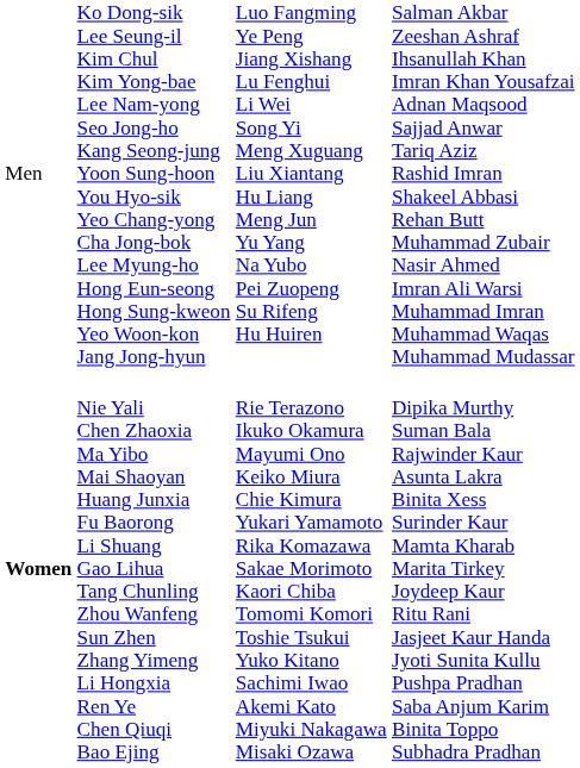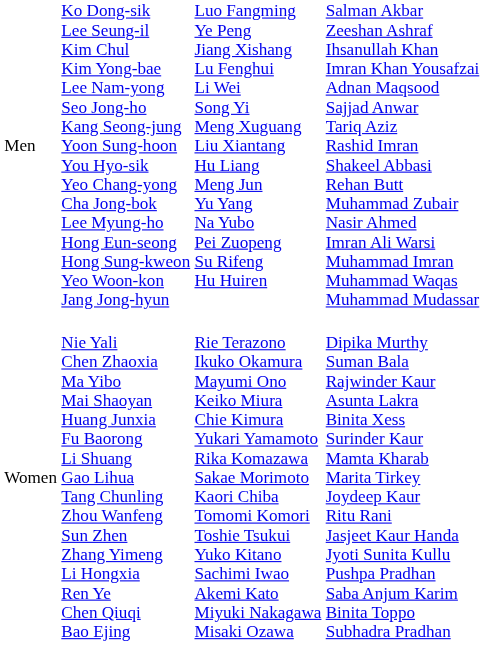 <table>
 <tr>
 <td>Men<br></td>
 <td><br><a href='#'>Ko Dong-sik</a><br><a href='#'>Lee Seung-il</a><br><a href='#'>Kim Chul</a><br><a href='#'>Kim Yong-bae</a><br><a href='#'>Lee Nam-yong</a><br><a href='#'>Seo Jong-ho</a><br><a href='#'>Kang Seong-jung</a><br><a href='#'>Yoon Sung-hoon</a><br><a href='#'>You Hyo-sik</a><br><a href='#'>Yeo Chang-yong</a><br><a href='#'>Cha Jong-bok</a><br><a href='#'>Lee Myung-ho</a><br><a href='#'>Hong Eun-seong</a><br><a href='#'>Hong Sung-kweon</a><br><a href='#'>Yeo Woon-kon</a><br><a href='#'>Jang Jong-hyun</a></td>
 <td valign=top><br><a href='#'>Luo Fangming</a><br><a href='#'>Ye Peng</a><br><a href='#'>Jiang Xishang</a><br><a href='#'>Lu Fenghui</a><br><a href='#'>Li Wei</a><br><a href='#'>Song Yi</a><br><a href='#'>Meng Xuguang</a><br><a href='#'>Liu Xiantang</a><br><a href='#'>Hu Liang</a><br><a href='#'>Meng Jun</a><br><a href='#'>Yu Yang</a><br><a href='#'>Na Yubo</a><br><a href='#'>Pei Zuopeng</a><br><a href='#'>Su Rifeng</a><br><a href='#'>Hu Huiren</a></td>
 <td><br><a href='#'>Salman Akbar</a><br><a href='#'>Zeeshan Ashraf</a><br><a href='#'>Ihsanullah Khan</a><br><a href='#'>Imran Khan Yousafzai</a><br><a href='#'>Adnan Maqsood</a><br><a href='#'>Sajjad Anwar</a><br><a href='#'>Tariq Aziz</a><br><a href='#'>Rashid Imran</a><br><a href='#'>Shakeel Abbasi</a><br><a href='#'>Rehan Butt</a><br><a href='#'>Muhammad Zubair</a><br><a href='#'>Nasir Ahmed</a><br><a href='#'>Imran Ali Warsi</a><br><a href='#'>Muhammad Imran</a><br><a href='#'>Muhammad Waqas</a><br><a href='#'>Muhammad Mudassar</a></td>
 </tr>
 <tr>
-<td><strong>Women<br></strong></td>
+<td>Women<br></td>
 <td><br><a href='#'>Nie Yali</a><br><a href='#'>Chen Zhaoxia</a><br><a href='#'>Ma Yibo</a><br><a href='#'>Mai Shaoyan</a><br><a href='#'>Huang Junxia</a><br><a href='#'>Fu Baorong</a><br><a href='#'>Li Shuang</a><br><a href='#'>Gao Lihua</a><br><a href='#'>Tang Chunling</a><br><a href='#'>Zhou Wanfeng</a><br><a href='#'>Sun Zhen</a><br><a href='#'>Zhang Yimeng</a><br><a href='#'>Li Hongxia</a><br><a href='#'>Ren Ye</a><br><a href='#'>Chen Qiuqi</a><br><a href='#'>Bao Ejing</a></td>
 <td><br><a href='#'>Rie Terazono</a><br><a href='#'>Ikuko Okamura</a><br><a href='#'>Mayumi Ono</a><br><a href='#'>Keiko Miura</a><br><a href='#'>Chie Kimura</a><br><a href='#'>Yukari Yamamoto</a><br><a href='#'>Rika Komazawa</a><br><a href='#'>Sakae Morimoto</a><br><a href='#'>Kaori Chiba</a><br><a href='#'>Tomomi Komori</a><br><a href='#'>Toshie Tsukui</a><br><a href='#'>Yuko Kitano</a><br><a href='#'>Sachimi Iwao</a><br><a href='#'>Akemi Kato</a><br><a href='#'>Miyuki Nakagawa</a><br><a href='#'>Misaki Ozawa</a></td>
 <td><br><a href='#'>Dipika Murthy</a><br><a href='#'>Suman Bala</a><br><a href='#'>Rajwinder Kaur</a><br><a href='#'>Asunta Lakra</a><br><a href='#'>Binita Xess</a><br><a href='#'>Surinder Kaur</a><br><a href='#'>Mamta Kharab</a><br><a href='#'>Marita Tirkey</a><br><a href='#'>Joydeep Kaur</a><br><a href='#'>Ritu Rani</a><br><a href='#'>Jasjeet Kaur Handa</a><br><a href='#'>Jyoti Sunita Kullu</a><br><a href='#'>Pushpa Pradhan</a><br><a href='#'>Saba Anjum Karim</a><br><a href='#'>Binita Toppo</a><br><a href='#'>Subhadra Pradhan</a></td>
 </tr>
 </table>
